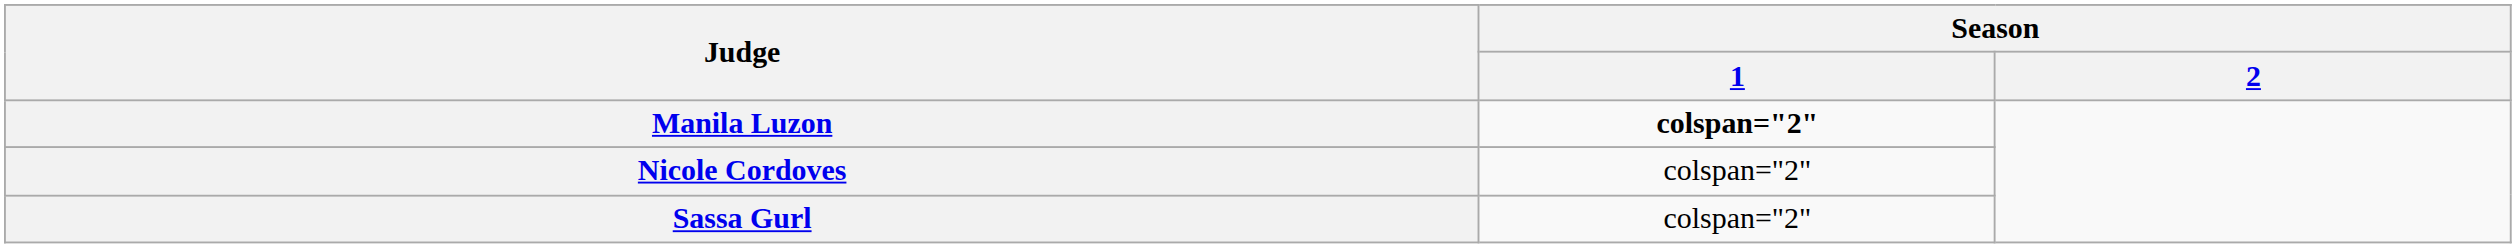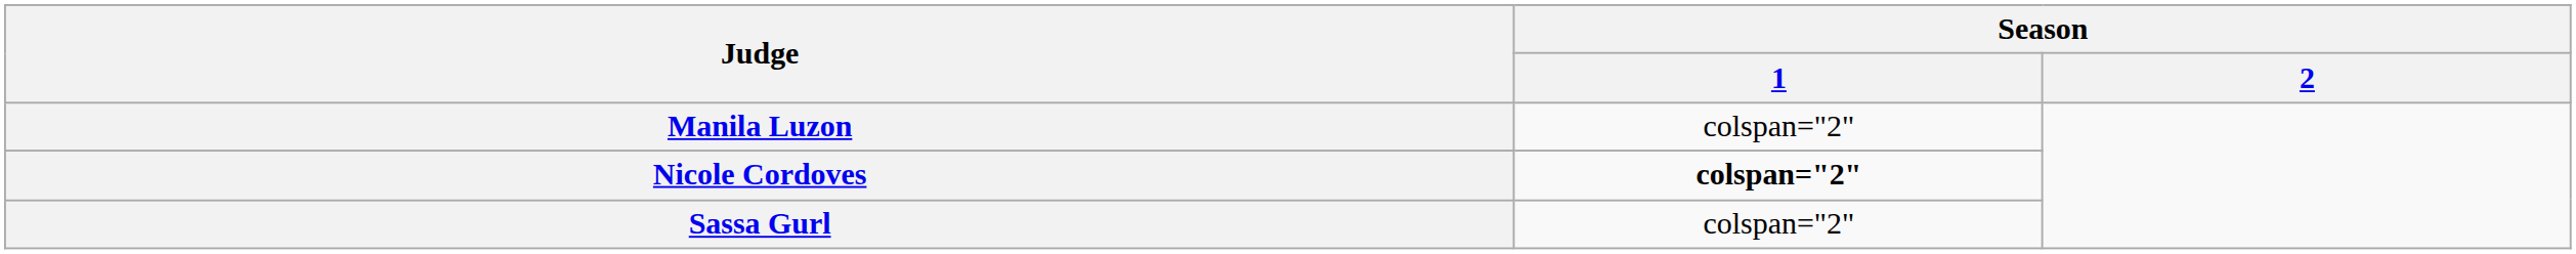 <table class="wikitable plainrowheaders" style="text-align:center">
 <tr>
 <th rowspan="2" style="width:20%;" scope="col">Judge</th>
 <th colspan="2">Season</th>
 </tr>
 <tr>
 <th style="width:7%;" scope="colspan"><a href='#'>1</a></th>
 <th style="width:7%;" scope="colspan"><a href='#'>2</a></th>
 </tr>
 <tr>
 <th scope="row" style="text-align: center;"><a href='#'>Manila Luzon</a></th>
-<td><strong>colspan="2" </strong></td>
+<td>colspan="2" </td>
 </tr>
 <tr>
 <th scope="row" style="text-align: center;"><a href='#'>Nicole Cordoves</a></th>
-<td>colspan="2" </td>
+<td><strong>colspan="2" </strong></td>
 </tr>
 <tr>
 <th scope="row" style="text-align: center;"><a href='#'>Sassa Gurl</a></th>
 <td>colspan="2" </td>
 </tr>
 </table>
